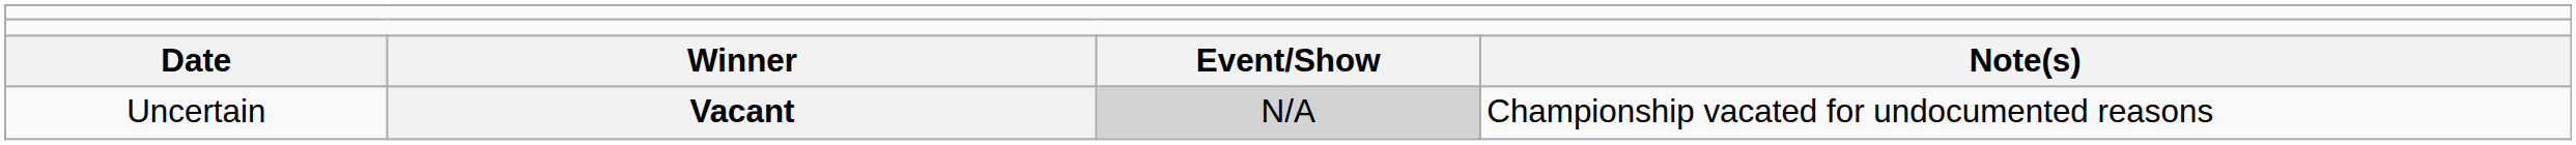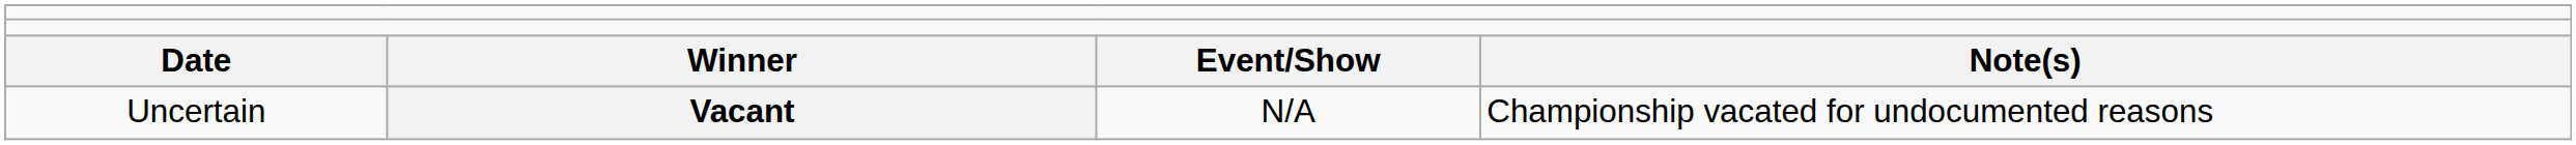 <table class="wikitable" style="text-align:center; width:100%;">
 <tr>
 <td colspan=5></td>
 </tr>
 <tr>
 <td colspan=5><strong></strong></td>
 </tr>
 <tr>
 <th width=14%>Date</th>
 <th width=26%>Winner</th>
 <th width=14%>Event/Show</th>
 <th width=40%>Note(s)</th>
 </tr>
 <tr>
 <td>Uncertain</td>
 <th>Vacant</th>
-<td style="background: lightgrey;">N/A</td>
+<td>N/A</td>
 <td align=left>Championship vacated for undocumented reasons</td>
 </tr>
 </table>
